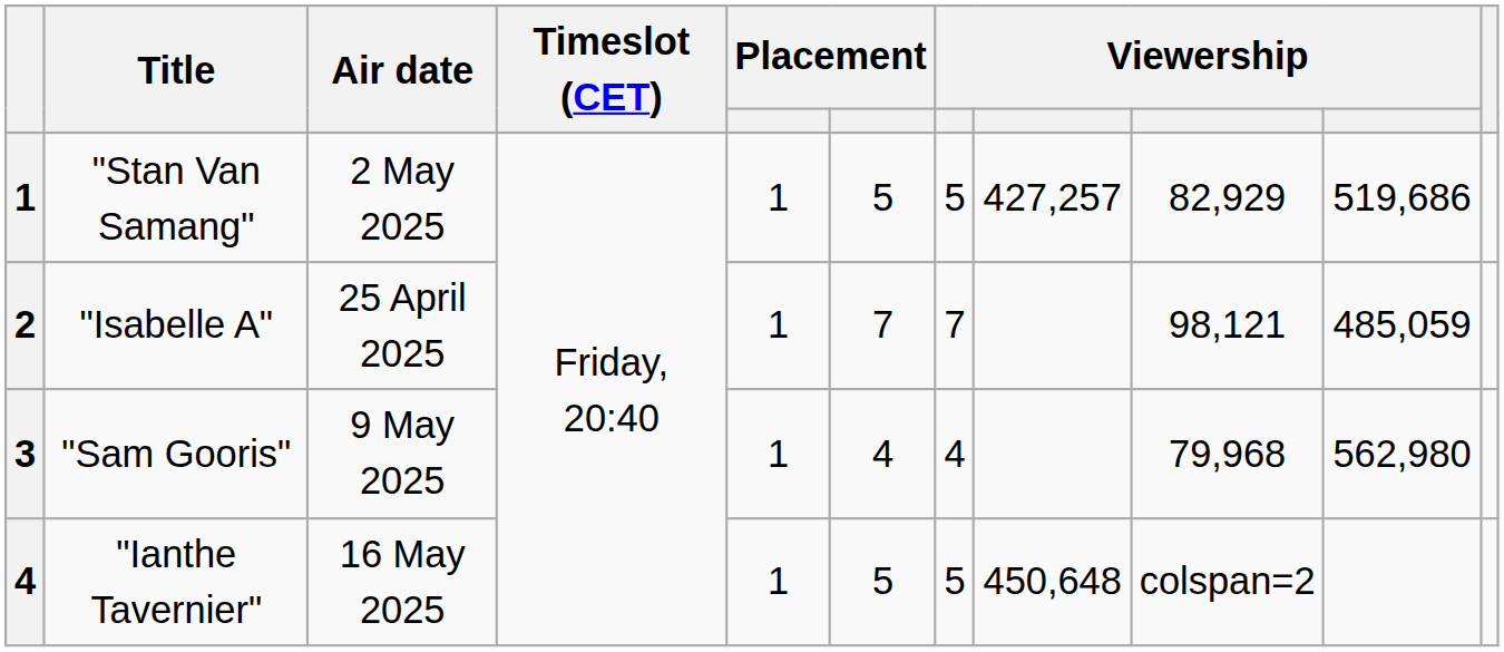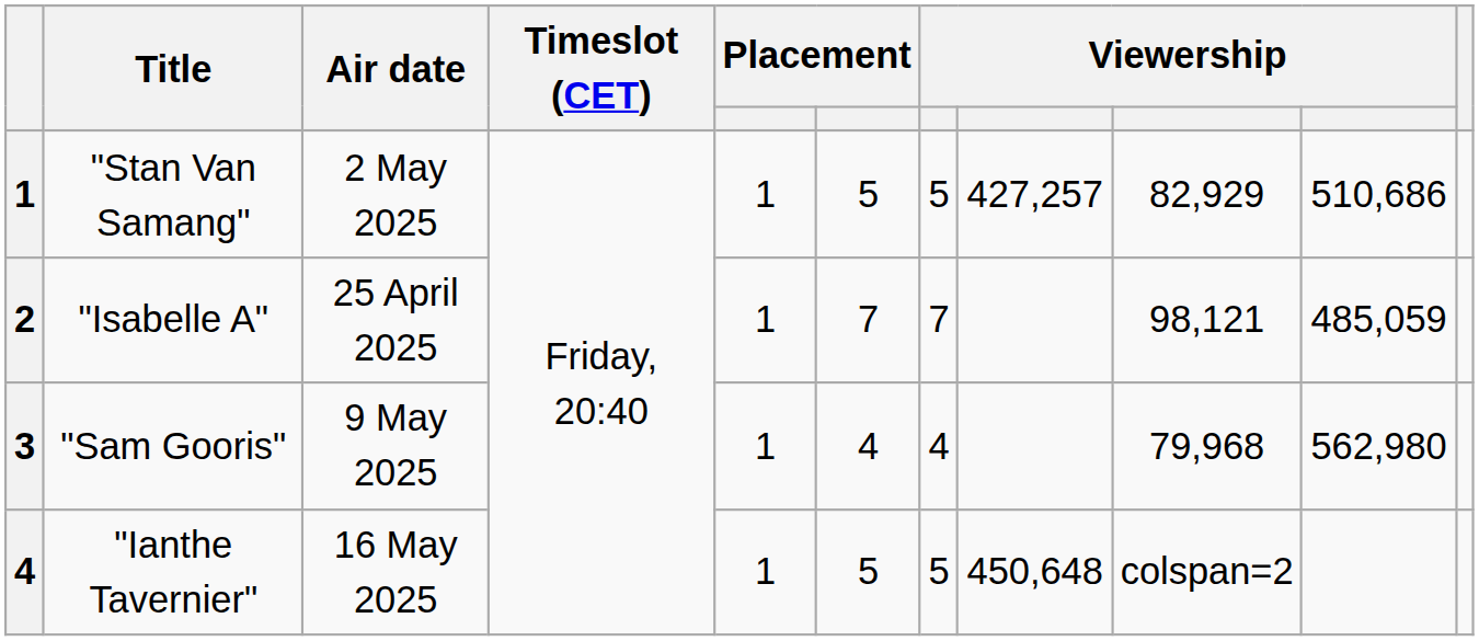 <table class="sortable wikitable plainrowheaders mw-collapsible" style=" text-align:center; line-height:23px; width:100%;">
 <tr>
 <th rowspan=2 class="unsortable"></th>
 <th rowspan=2 class="unsortable" width=24%>Title</th>
 <th rowspan=2 class="unsortable" width=20%>Air date</th>
 <th rowspan=2 class="unsortable" width=20%>Timeslot (<a href='#'>CET</a>)</th>
 <th colspan=2>Placement</th>
 <th colspan=4>Viewership</th>
 <th rowspan=2 class="unsortable"></th>
 </tr>
 <tr>
 <th class="unsortable"></th>
 <th class="unsortable"></th>
 <th class="unsortable"></th>
 <th></th>
 <th></th>
 <th></th>
 </tr>
 <tr>
 <th>1</th>
 <td>"Stan Van Samang"</td>
 <td>2 May 2025</td>
 <td rowspan=6>Friday, 20:40</td>
 <td>1</td>
 <td>5</td>
 <td>5</td>
 <td>427,257</td>
 <td>82,929</td>
-<td>519,686</td>
+<td>510,686</td>
 <td></td>
 </tr>
 <tr>
 <th>2</th>
 <td>"Isabelle A"</td>
 <td>25 April 2025</td>
 <td>1</td>
 <td>7</td>
 <td>7</td>
 <td></td>
 <td>98,121</td>
 <td>485,059</td>
 <td></td>
 </tr>
 <tr>
 <th>3</th>
 <td>"Sam Gooris"</td>
 <td>9 May 2025</td>
 <td>1</td>
 <td>4</td>
 <td>4</td>
 <td></td>
 <td>79,968</td>
 <td>562,980</td>
 <td></td>
 </tr>
 <tr>
 <th>4</th>
 <td>"Ianthe Tavernier"</td>
 <td>16 May 2025</td>
 <td>1</td>
 <td>5</td>
 <td>5</td>
 <td>450,648</td>
 <td>colspan=2 </td>
 <td></td>
 </tr>
 </table>
